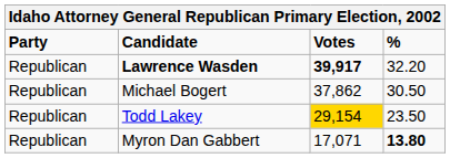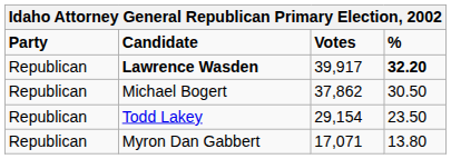 <table class="wikitable">
 <tr>
 <th colspan="4">Idaho Attorney General Republican Primary Election, 2002</th>
 </tr>
 <tr>
 <td><strong>Party</strong></td>
 <td><strong>Candidate</strong></td>
 <td><strong>Votes</strong></td>
 <td><strong>%</strong></td>
 </tr>
 <tr>
 <td>Republican</td>
 <td><strong>Lawrence Wasden</strong></td>
-<td><strong>39,917</strong></td>
-<td>32.20</td>
+<td>39,917</td>
+<td><strong>32.20</strong></td>
 </tr>
 <tr>
 <td>Republican</td>
 <td>Michael Bogert</td>
 <td>37,862</td>
 <td>30.50</td>
 </tr>
 <tr>
 <td>Republican</td>
 <td><a href='#'>Todd Lakey</a></td>
-<td style="background: gold;">29,154</td>
+<td>29,154</td>
 <td>23.50</td>
 </tr>
 <tr>
 <td>Republican</td>
 <td>Myron Dan Gabbert</td>
 <td>17,071</td>
-<td><strong>13.80</strong></td>
+<td>13.80</td>
 </tr>
 </table>
